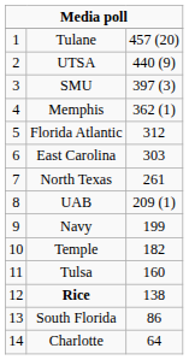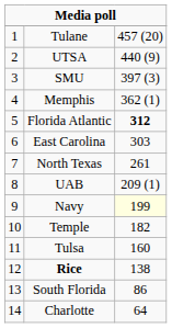 <table class="wikitable">
 <tr align="center">
 <td align="center" Colspan="3"><strong>Media poll</strong></td>
 </tr>
 <tr align="center">
 </tr>
 <tr align="center">
 <td>1</td>
 <td>Tulane</td>
 <td>457 (20)</td>
 </tr>
 <tr align="center">
 <td>2</td>
 <td>UTSA</td>
 <td>440 (9)</td>
 </tr>
 <tr align="center">
 <td>3</td>
 <td>SMU</td>
 <td>397 (3)</td>
 </tr>
 <tr align="center">
 <td>4</td>
 <td>Memphis</td>
 <td>362 (1)</td>
 </tr>
 <tr align="center">
 <td>5</td>
 <td>Florida Atlantic</td>
-<td>312</td>
+<td><strong>312</strong></td>
 </tr>
 <tr align="center">
 <td>6</td>
 <td>East Carolina</td>
 <td>303</td>
 </tr>
 <tr align="center">
 <td>7</td>
 <td>North Texas</td>
 <td>261</td>
 </tr>
 <tr align="center">
 <td>8</td>
 <td>UAB</td>
 <td>209 (1)</td>
 </tr>
 <tr align="center">
 <td>9</td>
 <td>Navy</td>
-<td>199</td>
+<td style="background: lightyellow;">199</td>
 </tr>
 <tr align="center">
 <td>10</td>
 <td>Temple</td>
 <td>182</td>
 </tr>
 <tr align="center">
 <td>11</td>
 <td>Tulsa</td>
 <td>160</td>
 </tr>
 <tr align="center">
 <td>12</td>
 <td><strong>Rice</strong></td>
 <td>138</td>
 </tr>
 <tr align="center">
 <td>13</td>
 <td>South Florida</td>
 <td>86</td>
 </tr>
 <tr align="center">
 <td>14</td>
 <td>Charlotte</td>
 <td>64</td>
 </tr>
 </table>
